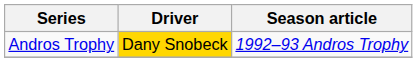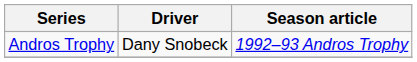 <table class="wikitable" style="font-size: 87%;">
 <tr>
 <th>Series</th>
 <th>Driver</th>
 <th>Season article</th>
 </tr>
 <tr>
 <td><a href='#'>Andros Trophy</a></td>
-<td style="background: gold;"> Dany Snobeck</td>
+<td> Dany Snobeck</td>
 <td><em><a href='#'>1992–93 Andros Trophy</a></em></td>
 </tr>
 <tr>
 </tr>
 </table>
